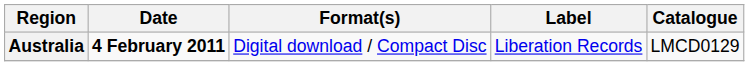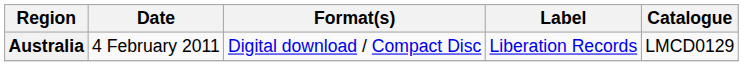 <table class="wikitable plainrowheaders">
 <tr>
 <th scope="col">Region</th>
 <th scope="col">Date</th>
 <th scope="col">Format(s)</th>
 <th scope="col">Label</th>
 <th scope="col">Catalogue</th>
 </tr>
 <tr>
 <th scope="row">Australia</th>
-<td><strong>4 February 2011</strong></td>
+<td>4 February 2011</td>
 <td><a href='#'>Digital download</a> / <a href='#'>Compact Disc</a></td>
 <td><a href='#'>Liberation Records</a></td>
 <td>LMCD0129</td>
 </tr>
 <tr>
 </tr>
 </table>
